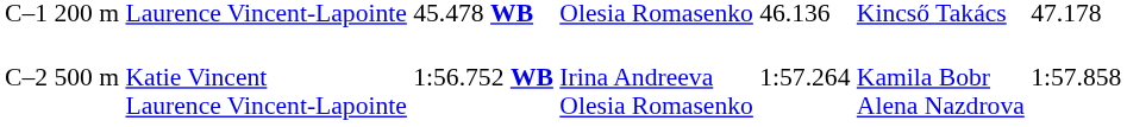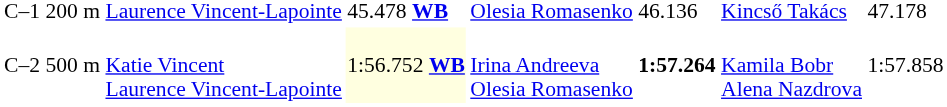 <table>
 <tr>
 <td>C–1 200 m<br></td>
 <td><a href='#'>Laurence Vincent-Lapointe</a><br></td>
 <td>45.478 <strong><a href='#'>WB</a></strong></td>
 <td><a href='#'>Olesia Romasenko</a><br></td>
 <td>46.136</td>
 <td><a href='#'>Kincső Takács</a><br></td>
 <td>47.178</td>
 </tr>
 <tr>
 <td>C–2 500 m<br></td>
 <td><br><a href='#'>Katie Vincent</a><br><a href='#'>Laurence Vincent-Lapointe</a></td>
-<td>1:56.752 <strong><a href='#'>WB</a></strong></td>
+<td style="background: lightyellow;">1:56.752 <strong><a href='#'>WB</a></strong></td>
 <td><br><a href='#'>Irina Andreeva</a><br><a href='#'>Olesia Romasenko</a></td>
-<td>1:57.264</td>
+<td><strong>1:57.264</strong></td>
 <td><br><a href='#'>Kamila Bobr</a><br><a href='#'>Alena Nazdrova</a></td>
 <td>1:57.858</td>
 </tr>
 </table>
